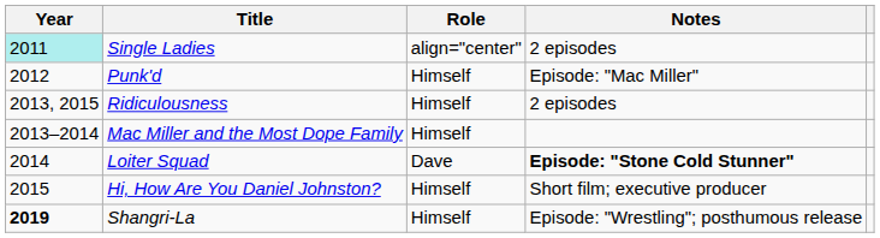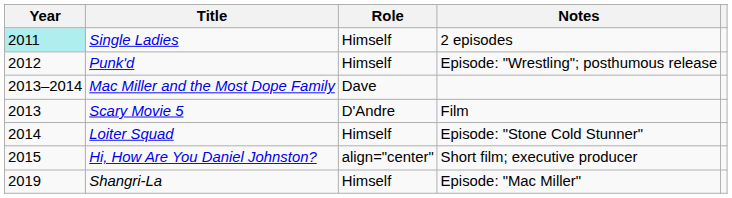 <table class="wikitable">
 <tr>
 <th>Year</th>
 <th>Title</th>
 <th>Role</th>
 <th>Notes</th>
 <th></th>
 </tr>
 <tr>
 <td style="background: paleturquoise;">2011</td>
 <td><em><a href='#'>Single Ladies</a></em></td>
-<td>align="center" </td>
+<td>Himself</td>
 <td>2 episodes</td>
 <td align=center></td>
 </tr>
 <tr>
 <td>2012</td>
 <td><em><a href='#'>Punk'd</a></em></td>
 <td>Himself</td>
-<td>Episode: "Mac Miller"</td>
-<td align=center></td>
-</tr>
-<tr>
-<td>2013, 2015</td>
-<td><em><a href='#'>Ridiculousness</a></em></td>
-<td>Himself</td>
-<td>2 episodes</td>
+<td>Episode: "Wrestling"; posthumous release</td>
 <td align=center></td>
 </tr>
 <tr>
 <td>2013–2014</td>
 <td><em><a href='#'>Mac Miller and the Most Dope Family</a></em></td>
-<td>Himself</td>
+<td>Dave</td>
 <td></td>
+<td align=center></td>
+</tr>
+<tr>
+<td>2013</td>
+<td><em><a href='#'>Scary Movie 5</a></em></td>
+<td>D'Andre</td>
+<td>Film</td>
 <td align=center></td>
 </tr>
 <tr>
 <td>2014</td>
 <td><em><a href='#'>Loiter Squad</a></em></td>
-<td>Dave</td>
-<td><strong>Episode: "Stone Cold Stunner"</strong></td>
+<td>Himself</td>
+<td>Episode: "Stone Cold Stunner"</td>
 <td align=center></td>
 </tr>
 <tr>
 <td>2015</td>
 <td><em><a href='#'>Hi, How Are You Daniel Johnston?</a></em></td>
-<td>Himself</td>
+<td>align="center" </td>
 <td>Short film; executive producer</td>
 <td align=center></td>
 </tr>
 <tr>
-<td><strong>2019</strong></td>
+<td>2019</td>
 <td><em>Shangri-La</em></td>
 <td>Himself</td>
-<td>Episode: "Wrestling"; posthumous release</td>
+<td>Episode: "Mac Miller"</td>
 <td align=center></td>
 </tr>
 </table>
